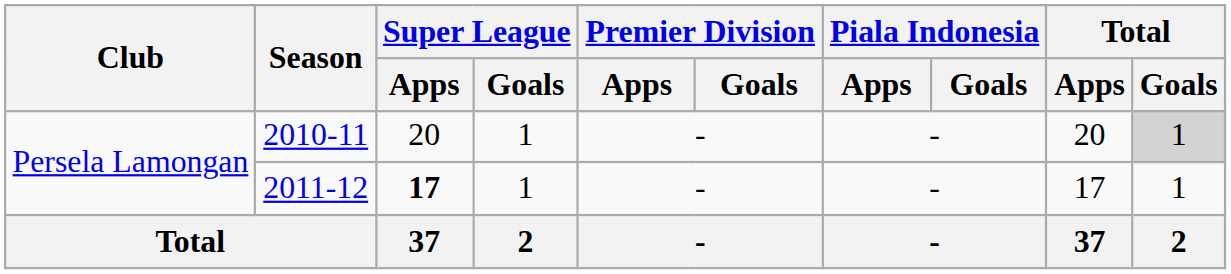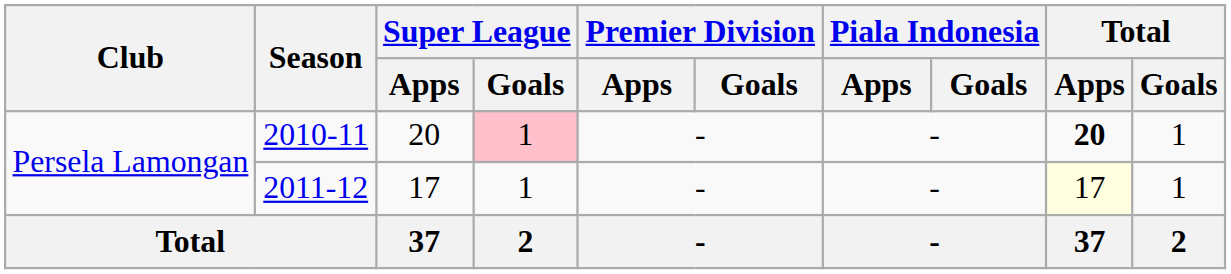 <table class="wikitable" style="font-size:90%; text-align:center;">
 <tr>
 <th rowspan="2">Club</th>
 <th rowspan="2">Season</th>
 <th colspan="2"><a href='#'>Super League</a></th>
 <th colspan="2"><a href='#'>Premier Division</a></th>
 <th colspan="2"><a href='#'>Piala Indonesia</a></th>
 <th colspan="2">Total</th>
 </tr>
 <tr>
 <th>Apps</th>
 <th>Goals</th>
 <th>Apps</th>
 <th>Goals</th>
 <th>Apps</th>
 <th>Goals</th>
 <th>Apps</th>
 <th>Goals</th>
 </tr>
 <tr>
 <td rowspan="2"><a href='#'>Persela Lamongan</a></td>
 <td><a href='#'>2010-11</a></td>
 <td>20</td>
+<td style="background: pink;">1</td>
+<td colspan="2">-</td>
+<td colspan="2">-</td>
+<td><strong>20</strong></td>
+<td>1</td>
+</tr>
+<tr>
+<td><a href='#'>2011-12</a></td>
+<td>17</td>
 <td>1</td>
 <td colspan="2">-</td>
 <td colspan="2">-</td>
-<td>20</td>
-<td style="background: lightgrey;">1</td>
-</tr>
-<tr>
-<td><a href='#'>2011-12</a></td>
-<td><strong>17</strong></td>
-<td>1</td>
-<td colspan="2">-</td>
-<td colspan="2">-</td>
-<td>17</td>
+<td style="background: lightyellow;">17</td>
 <td>1</td>
 </tr>
 <tr>
 <th colspan="2">Total</th>
 <th>37</th>
 <th>2</th>
 <th colspan="2">-</th>
 <th colspan="2">-</th>
 <th>37</th>
 <th>2</th>
 </tr>
 </table>
